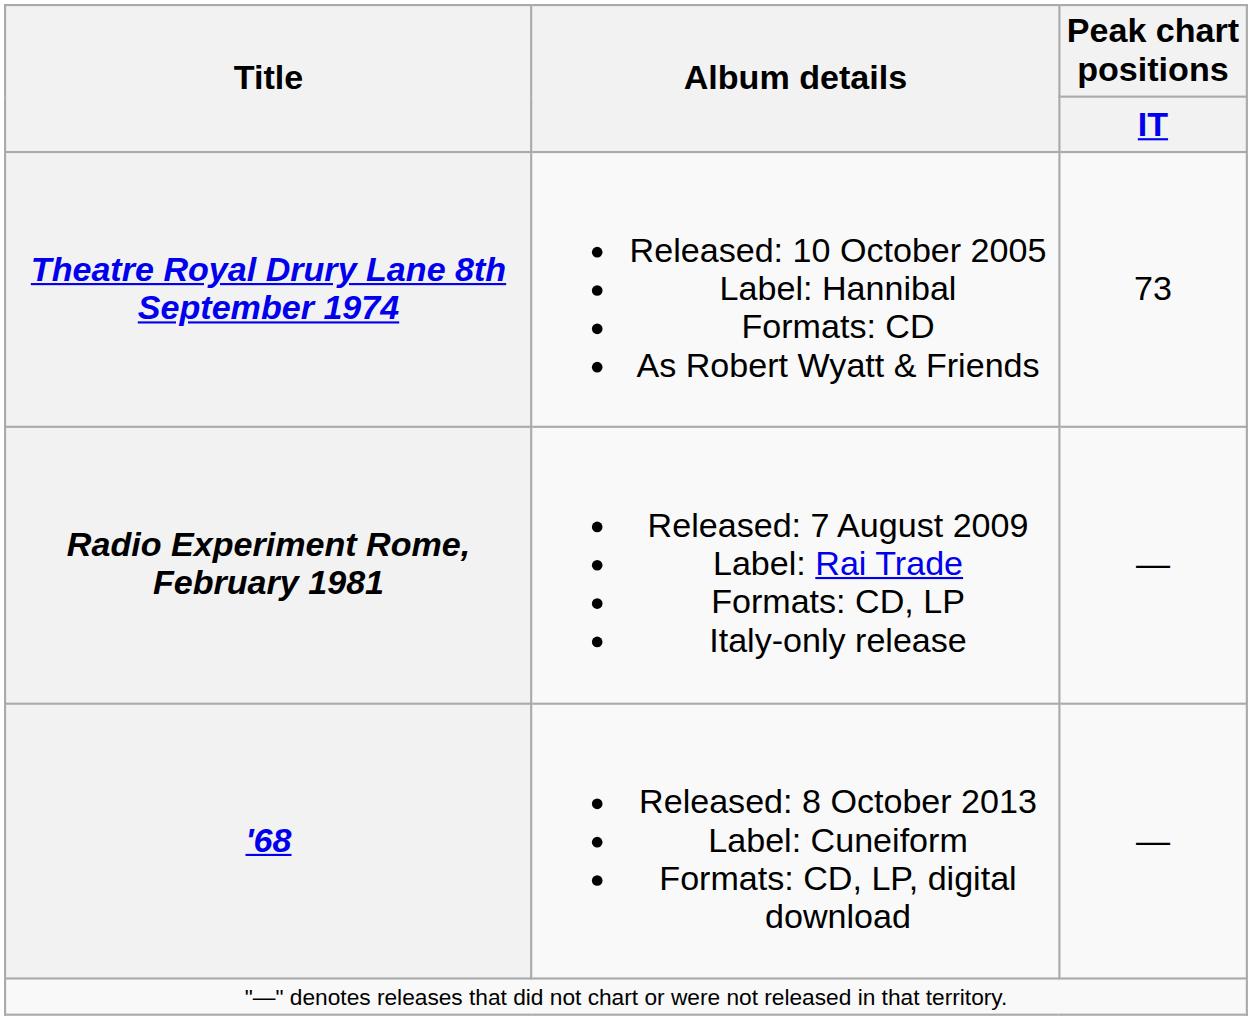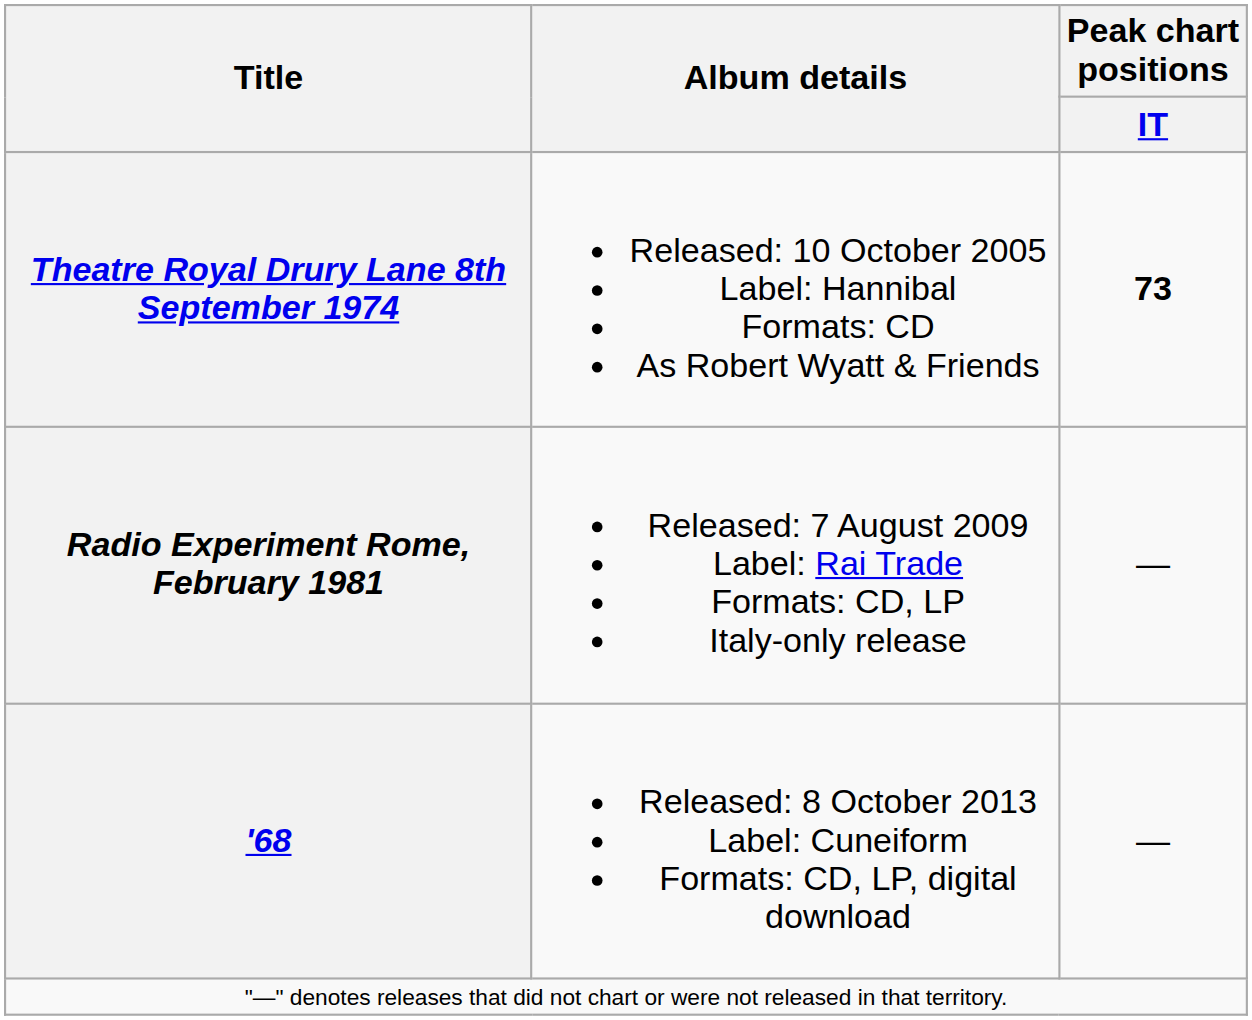 <table class="wikitable plainrowheaders" style="text-align:center;">
 <tr>
 <th rowspan="2" scope="col" style="width:15em;">Title</th>
 <th rowspan="2" scope="col" style="width:15em;">Album details</th>
 <th>Peak chart<br>positions</th>
 </tr>
 <tr>
 <th><a href='#'>IT</a><br></th>
 </tr>
 <tr>
 <th scope="row"><em><a href='#'>Theatre Royal Drury Lane 8th September 1974</a></em></th>
 <td><br><ul><li>Released: 10 October 2005</li><li>Label: Hannibal</li><li>Formats: CD</li><li>As Robert Wyatt & Friends</li></ul></td>
-<td>73</td>
+<td><strong>73</strong></td>
 </tr>
 <tr>
 <th scope="row"><em>Radio Experiment Rome, February 1981</em></th>
 <td><br><ul><li>Released: 7 August 2009</li><li>Label: <a href='#'>Rai Trade</a></li><li>Formats: CD, LP</li><li>Italy-only release</li></ul></td>
 <td>—</td>
 </tr>
 <tr>
 <th scope="row"><em><a href='#'>'68</a></em></th>
 <td><br><ul><li>Released: 8 October 2013</li><li>Label: Cuneiform</li><li>Formats: CD, LP, digital download</li></ul></td>
 <td>—</td>
 </tr>
 <tr>
 <td colspan="3" style="font-size:8pt">"—" denotes releases that did not chart or were not released in that territory.</td>
 </tr>
 </table>
